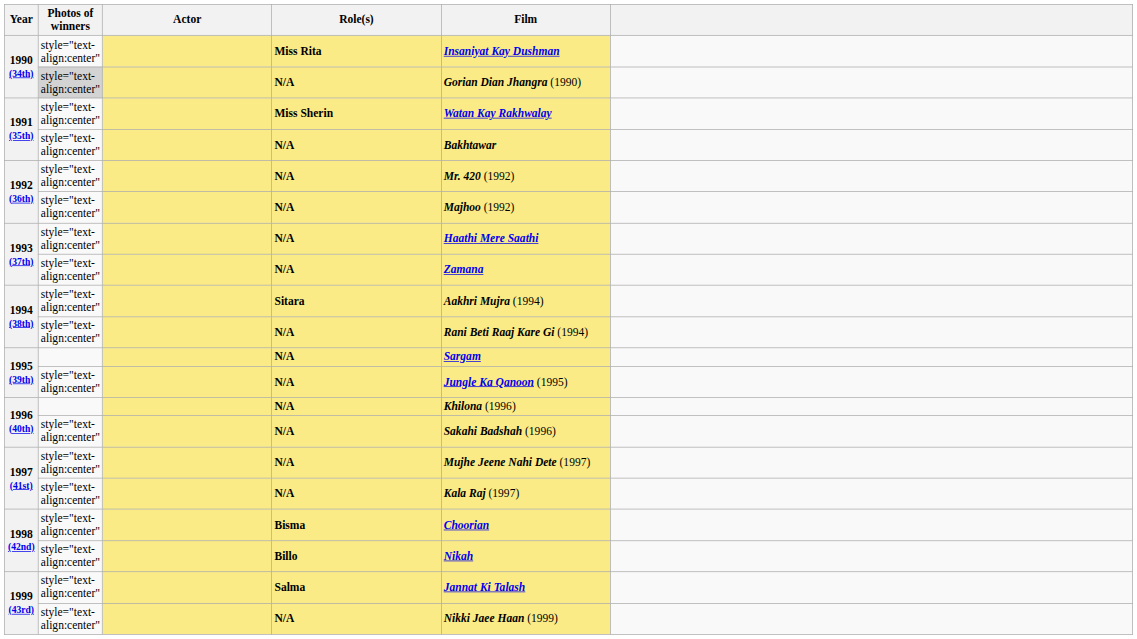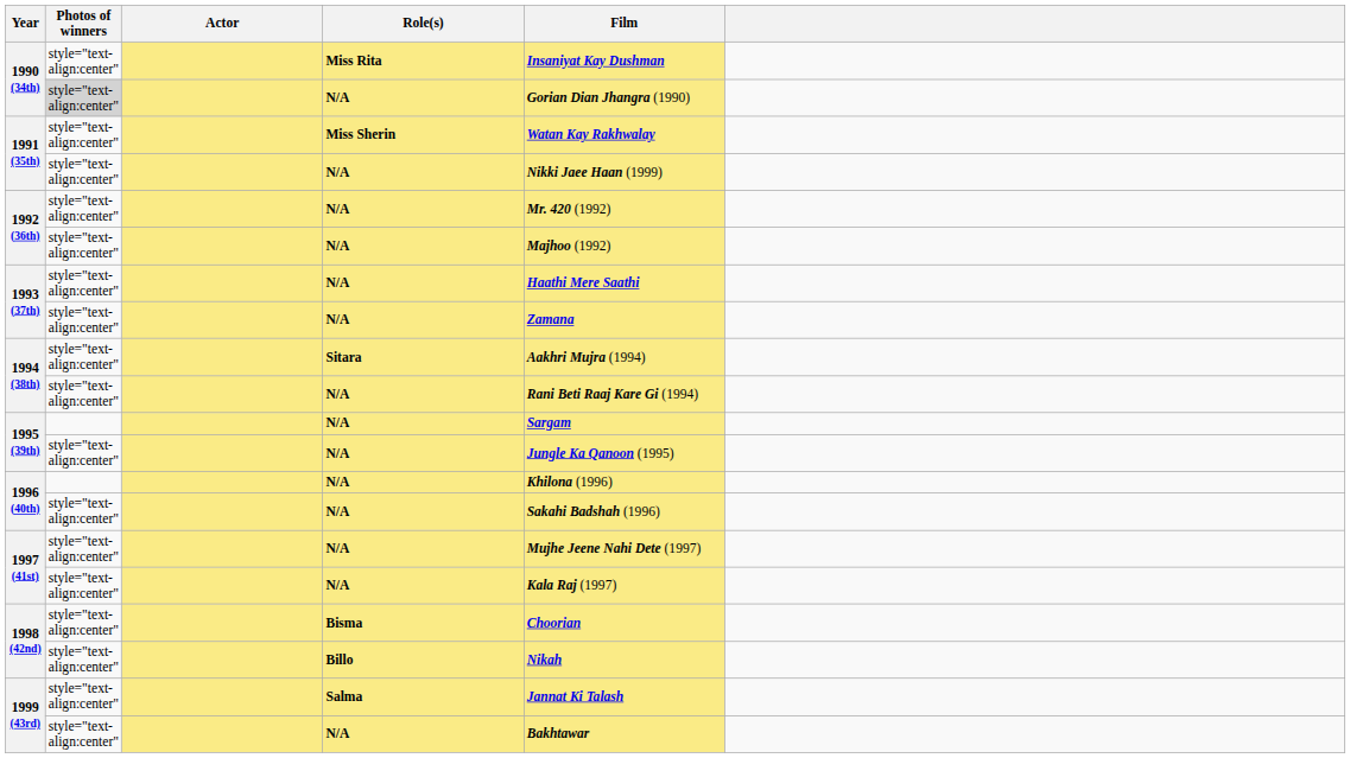 <table class="wikitable sortable" style="text-align:left;">
 <tr>
 <th scope="col" style="width:3%; text-align:center;">Year</th>
 <th scope="col" style="width:3%;text-align:center;">Photos of winners</th>
 <th scope="col" style="width:15%;text-align:center;">Actor</th>
 <th scope="col" style="width:15%;text-align:center;">Role(s)</th>
 <th scope="col" style="width:15%;text-align:center;">Film</th>
 <th scope="col" class="unsortable"></th>
 </tr>
 <tr>
 <th scope="row" rowspan=2 style="text-align:center">1990 <br><small><a href='#'>(34th)</a> </small></th>
 <td>style="text-align:center" </td>
 <td style="background:#FAEB86;"><strong></strong> </td>
 <td style="background:#FAEB86;"><strong>Miss Rita</strong></td>
 <td style="background:#FAEB86;"><strong><em><a href='#'>Insaniyat Kay Dushman</a></em></strong></td>
 <td></td>
 </tr>
 <tr>
 <td style="background: lightgrey;">style="text-align:center" </td>
 <td style="background:#FAEB86;"><strong></strong> </td>
 <td style="background:#FAEB86;"><strong>N/A</strong></td>
 <td style="background:#FAEB86;"><strong><em>Gorian Dian Jhangra</em></strong> (1990)</td>
 <td></td>
 </tr>
 <tr>
 <th scope="row" rowspan=2 style="text-align:center">1991 <br><small><a href='#'>(35th)</a> </small></th>
 <td>style="text-align:center" </td>
 <td style="background:#FAEB86;"><strong></strong> </td>
 <td style="background:#FAEB86;"><strong>Miss Sherin</strong></td>
 <td style="background:#FAEB86;"><strong><em><a href='#'>Watan Kay Rakhwalay</a></em></strong></td>
 <td></td>
 </tr>
 <tr>
 <td>style="text-align:center" </td>
 <td style="background:#FAEB86;"><strong></strong> </td>
 <td style="background:#FAEB86;"><strong>N/A</strong></td>
-<td style="background:#FAEB86;"><strong><em>Bakhtawar</em></strong></td>
+<td style="background:#FAEB86;"><strong><em>Nikki Jaee Haan</em></strong> (1999)</td>
 <td></td>
 </tr>
 <tr>
 <th scope="row" rowspan=2 style="text-align:center">1992 <br><small><a href='#'>(36th)</a> </small></th>
 <td>style="text-align:center" </td>
 <td style="background:#FAEB86;"><strong></strong> </td>
 <td style="background:#FAEB86;"><strong>N/A</strong></td>
 <td style="background:#FAEB86;"><strong><em>Mr. 420</em></strong> (1992)</td>
 <td></td>
 </tr>
 <tr>
 <td>style="text-align:center" </td>
 <td style="background:#FAEB86;"><strong></strong> </td>
 <td style="background:#FAEB86;"><strong>N/A</strong></td>
 <td style="background:#FAEB86;"><strong><em>Majhoo</em></strong> (1992)</td>
 <td></td>
 </tr>
 <tr>
 <th scope="row" rowspan=2 style="text-align:center">1993 <br><small><a href='#'>(37th)</a> </small></th>
 <td>style="text-align:center" </td>
 <td style="background:#FAEB86;"><strong></strong> </td>
 <td style="background:#FAEB86;"><strong>N/A</strong></td>
 <td style="background:#FAEB86;"><strong><em><a href='#'>Haathi Mere Saathi</a></em></strong></td>
 <td></td>
 </tr>
 <tr>
 <td>style="text-align:center" </td>
 <td style="background:#FAEB86;"><strong></strong> </td>
 <td style="background:#FAEB86;"><strong>N/A</strong></td>
 <td style="background:#FAEB86;"><strong><em><a href='#'>Zamana</a></em></strong></td>
 <td></td>
 </tr>
 <tr>
 <th scope="row" rowspan=2 style="text-align:center">1994 <br><small><a href='#'>(38th)</a> </small></th>
 <td>style="text-align:center" </td>
 <td style="background:#FAEB86;"><strong></strong> </td>
 <td style="background:#FAEB86;"><strong>Sitara</strong></td>
 <td style="background:#FAEB86;"><strong><em>Aakhri Mujra</em></strong> (1994)</td>
 <td></td>
 </tr>
 <tr>
 <td>style="text-align:center" </td>
 <td style="background:#FAEB86;"><strong></strong> </td>
 <td style="background:#FAEB86;"><strong>N/A</strong></td>
 <td style="background:#FAEB86;"><strong><em>Rani Beti Raaj Kare Gi</em></strong> (1994)</td>
 <td></td>
 </tr>
 <tr>
 <th scope="row" rowspan=2 style="text-align:center">1995 <br><small><a href='#'>(39th)</a> </small></th>
 <td style="text-align:center"></td>
 <td style="background:#FAEB86;"><strong></strong> </td>
 <td style="background:#FAEB86;"><strong>N/A</strong></td>
 <td style="background:#FAEB86;"><strong><em><a href='#'>Sargam</a></em></strong></td>
 <td></td>
 </tr>
 <tr>
 <td>style="text-align:center" </td>
 <td style="background:#FAEB86;"><strong></strong> </td>
 <td style="background:#FAEB86;"><strong>N/A</strong></td>
 <td style="background:#FAEB86;"><strong><em><a href='#'>Jungle Ka Qanoon</a></em></strong> (1995)</td>
 <td></td>
 </tr>
 <tr>
 <th scope="row" rowspan=2 style="text-align:center">1996 <br><small><a href='#'>(40th)</a> </small></th>
 <td style="text-align:center"></td>
 <td style="background:#FAEB86;"><strong></strong> </td>
 <td style="background:#FAEB86;"><strong>N/A</strong></td>
 <td style="background:#FAEB86;"><strong><em>Khilona</em></strong> (1996)</td>
 <td></td>
 </tr>
 <tr>
 <td>style="text-align:center" </td>
 <td style="background:#FAEB86;"><strong></strong> </td>
 <td style="background:#FAEB86;"><strong>N/A</strong></td>
 <td style="background:#FAEB86;"><strong><em>Sakahi Badshah</em></strong> (1996)</td>
 <td></td>
 </tr>
 <tr>
 <th scope="row" rowspan=2 style="text-align:center">1997 <br><small><a href='#'>(41st)</a> </small></th>
 <td>style="text-align:center" </td>
 <td style="background:#FAEB86;"><strong></strong> </td>
 <td style="background:#FAEB86;"><strong>N/A</strong></td>
 <td style="background:#FAEB86;"><strong><em>Mujhe Jeene Nahi Dete</em></strong> (1997)</td>
 <td></td>
 </tr>
 <tr>
 <td>style="text-align:center" </td>
 <td style="background:#FAEB86;"><strong></strong> </td>
 <td style="background:#FAEB86;"><strong>N/A</strong></td>
 <td style="background:#FAEB86;"><strong><em>Kala Raj</em></strong> (1997)</td>
 <td></td>
 </tr>
 <tr>
 <th scope="row" rowspan=2 style="text-align:center">1998 <br><small><a href='#'>(42nd)</a> </small></th>
 <td>style="text-align:center" </td>
 <td style="background:#FAEB86;"><strong></strong> </td>
 <td style="background:#FAEB86;"><strong>Bisma</strong></td>
 <td style="background:#FAEB86;"><strong><em><a href='#'>Choorian</a></em></strong></td>
 <td></td>
 </tr>
 <tr>
 <td>style="text-align:center" </td>
 <td style="background:#FAEB86;"><strong></strong> </td>
 <td style="background:#FAEB86;"><strong>Billo</strong></td>
 <td style="background:#FAEB86;"><strong><em><a href='#'>Nikah</a></em></strong></td>
 <td></td>
 </tr>
 <tr>
 <th scope="row" rowspan=2 style="text-align:center">1999 <br><small><a href='#'>(43rd)</a> </small></th>
 <td>style="text-align:center" </td>
 <td style="background:#FAEB86;"><strong></strong></td>
 <td style="background:#FAEB86;"><strong>Salma</strong></td>
 <td style="background:#FAEB86;"><strong><em><a href='#'>Jannat Ki Talash</a></em></strong></td>
 <td></td>
 </tr>
 <tr>
 <td>style="text-align:center" </td>
 <td style="background:#FAEB86;"><strong></strong> </td>
 <td style="background:#FAEB86;"><strong>N/A</strong></td>
-<td style="background:#FAEB86;"><strong><em>Nikki Jaee Haan</em></strong> (1999)</td>
+<td style="background:#FAEB86;"><strong><em>Bakhtawar</em></strong></td>
 <td></td>
 </tr>
 </table>
